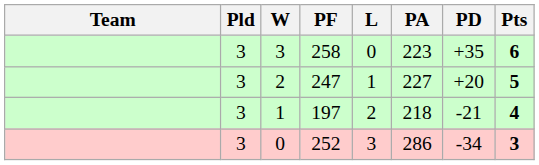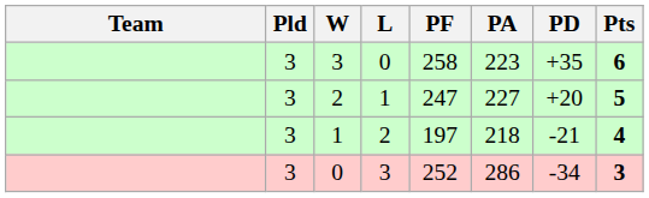 <table class="wikitable" style="text-align:center;">
 <tr>
 <th width=170>Team</th>
 <th width=25>Pld</th>
 <th width=25>W</th>
+<th width=25>L</th>
 <th width=35>PF</th>
-<th width=25>L</th>
 <th width=35>PA</th>
 <th width=35>PD</th>
 <th width=25>Pts</th>
 </tr>
 <tr bgcolor="#ccffcc">
 <td align="left"></td>
 <td>3</td>
 <td>3</td>
+<td>0</td>
 <td>258</td>
-<td>0</td>
 <td>223</td>
 <td>+35</td>
 <td><strong>6</strong></td>
 </tr>
 <tr bgcolor="#ccffcc">
 <td align="left"></td>
 <td>3</td>
 <td>2</td>
+<td>1</td>
 <td>247</td>
-<td>1</td>
 <td>227</td>
 <td>+20</td>
 <td><strong>5</strong></td>
 </tr>
 <tr bgcolor="#ccffcc">
 <td align="left"></td>
 <td>3</td>
 <td>1</td>
+<td>2</td>
 <td>197</td>
-<td>2</td>
 <td>218</td>
 <td>-21</td>
 <td><strong>4</strong></td>
 </tr>
 <tr bgcolor=ffcccc>
 <td align="left"></td>
 <td>3</td>
 <td>0</td>
+<td>3</td>
 <td>252</td>
-<td>3</td>
 <td>286</td>
 <td>-34</td>
 <td><strong>3</strong></td>
 </tr>
 </table>
